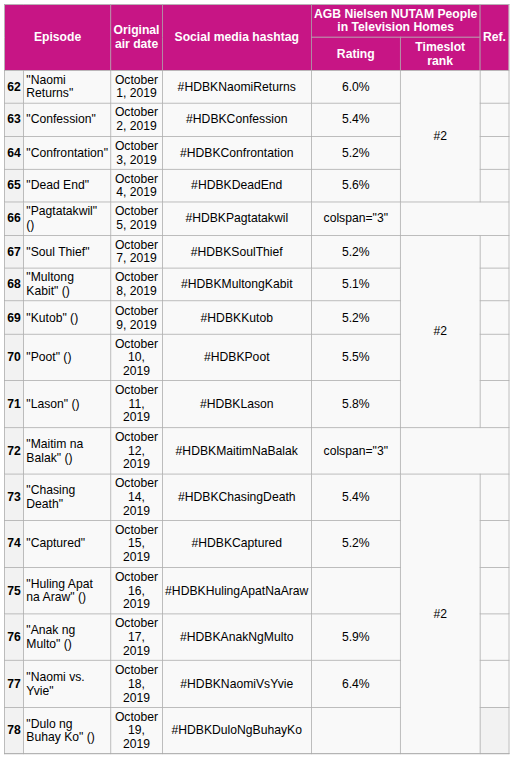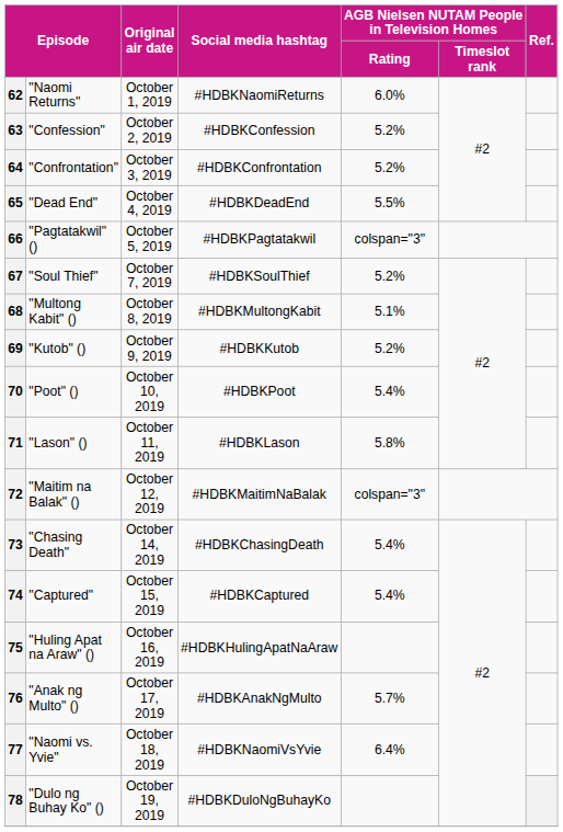 <table class="wikitable" style="text-align:center; font-size:100%; line-height:18px;" width="100%">
 <tr>
 <th style="background-color:#C71585; color:#ffffff;" colspan="2" rowspan="2">Episode</th>
 <th style="background-color:#C71585; color:white" rowspan="2">Original air date</th>
 <th style="background-color:#C71585; color:white" rowspan="2">Social media hashtag</th>
 <th style="background-color:#C71585; color:#ffffff;" colspan="2">AGB Nielsen NUTAM People in Television Homes</th>
 <th style="background-color:#C71585;  color:#ffffff;" rowspan="2">Ref.</th>
 </tr>
 <tr>
 <th style="background-color:#C71585; width:75px; color:#ffffff;">Rating</th>
 <th style="background-color:#C71585;  width:75px; color:#ffffff;">Timeslot<br>rank</th>
 </tr>
 <tr>
 <th>62</th>
 <td style="text-align: left;">"Naomi Returns"</td>
 <td>October 1, 2019</td>
 <td>#HDBKNaomiReturns</td>
 <td>6.0%</td>
 <td rowspan="4">#2</td>
 <td></td>
 </tr>
 <tr>
 <th>63</th>
 <td style="text-align: left;">"Confession"</td>
 <td>October 2, 2019</td>
 <td>#HDBKConfession</td>
-<td>5.4%</td>
+<td>5.2%</td>
 <td></td>
 </tr>
 <tr>
 <th>64</th>
 <td style="text-align: left;">"Confrontation"</td>
 <td>October 3, 2019</td>
 <td>#HDBKConfrontation</td>
 <td>5.2%</td>
 <td></td>
 </tr>
 <tr>
 <th>65</th>
 <td style="text-align: left;">"Dead End"</td>
 <td>October 4, 2019</td>
 <td>#HDBKDeadEnd</td>
-<td>5.6%</td>
+<td>5.5%</td>
 <td></td>
 </tr>
 <tr>
 <th>66</th>
 <td style="text-align: left;">"Pagtatakwil" ()</td>
 <td>October 5, 2019</td>
 <td>#HDBKPagtatakwil</td>
 <td>colspan="3" </td>
 </tr>
 <tr>
 <th>67</th>
 <td style="text-align: left;">"Soul Thief"</td>
 <td>October 7, 2019</td>
 <td>#HDBKSoulThief</td>
 <td>5.2%</td>
 <td rowspan="5">#2</td>
 <td></td>
 </tr>
 <tr>
 <th>68</th>
 <td style="text-align: left;">"Multong Kabit" ()</td>
 <td>October 8, 2019</td>
 <td>#HDBKMultongKabit</td>
 <td>5.1%</td>
 <td></td>
 </tr>
 <tr>
 <th>69</th>
 <td style="text-align: left;">"Kutob" ()</td>
 <td>October 9, 2019</td>
 <td>#HDBKKutob</td>
 <td>5.2%</td>
 <td></td>
 </tr>
 <tr>
 <th>70</th>
 <td style="text-align: left;">"Poot" ()</td>
 <td>October 10, 2019</td>
 <td>#HDBKPoot</td>
-<td>5.5%</td>
+<td>5.4%</td>
 <td></td>
 </tr>
 <tr>
 <th>71</th>
 <td style="text-align: left;">"Lason" ()</td>
 <td>October 11, 2019</td>
 <td>#HDBKLason</td>
 <td>5.8%</td>
 <td></td>
 </tr>
 <tr>
 <th>72</th>
 <td style="text-align: left;">"Maitim na Balak" ()</td>
 <td>October 12, 2019</td>
 <td>#HDBKMaitimNaBalak</td>
 <td>colspan="3" </td>
 </tr>
 <tr>
 <th>73</th>
 <td style="text-align: left;">"Chasing Death"</td>
 <td>October 14, 2019</td>
 <td>#HDBKChasingDeath</td>
 <td>5.4%</td>
 <td rowspan="6">#2</td>
 <td></td>
 </tr>
 <tr>
 <th>74</th>
 <td style="text-align: left;">"Captured"</td>
 <td>October 15, 2019</td>
 <td>#HDBKCaptured</td>
-<td>5.2%</td>
+<td>5.4%</td>
 <td></td>
 </tr>
 <tr>
 <th>75</th>
 <td style="text-align: left;">"Huling Apat na Araw" ()</td>
 <td>October 16, 2019</td>
 <td>#HDBKHulingApatNaAraw</td>
 <td></td>
 <td></td>
 </tr>
 <tr>
 <th>76</th>
 <td style="text-align: left;">"Anak ng Multo" ()</td>
 <td>October 17, 2019</td>
 <td>#HDBKAnakNgMulto</td>
-<td>5.9%</td>
+<td>5.7%</td>
 <td></td>
 </tr>
 <tr>
 <th>77</th>
 <td style="text-align: left;">"Naomi vs. Yvie"</td>
 <td>October 18, 2019</td>
 <td>#HDBKNaomiVsYvie</td>
 <td>6.4%</td>
 <td></td>
 </tr>
 <tr>
 <th>78</th>
 <td style="text-align: left;">"Dulo ng Buhay Ko" ()</td>
 <td>October 19, 2019</td>
 <td>#HDBKDuloNgBuhayKo</td>
 <td></td>
 <th></th>
 </tr>
 <tr>
 </tr>
 </table>
